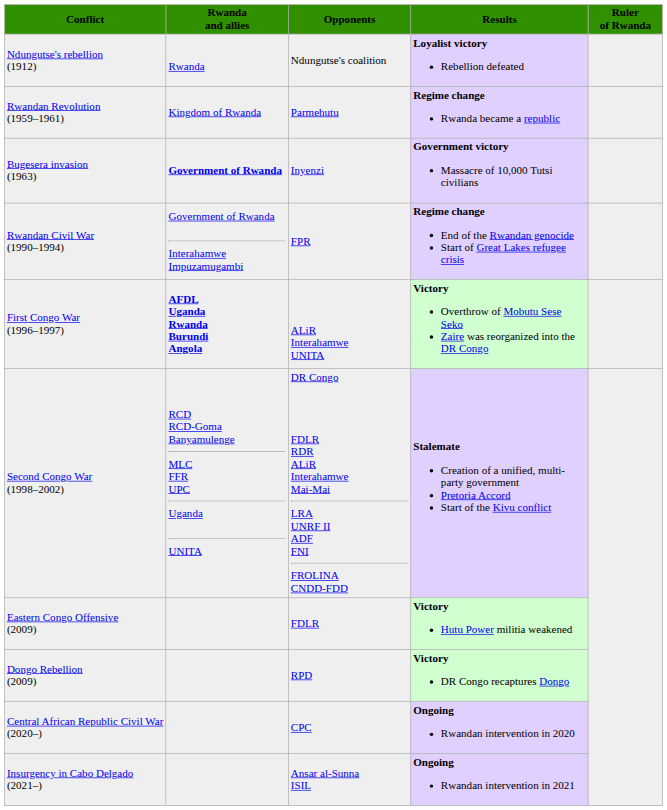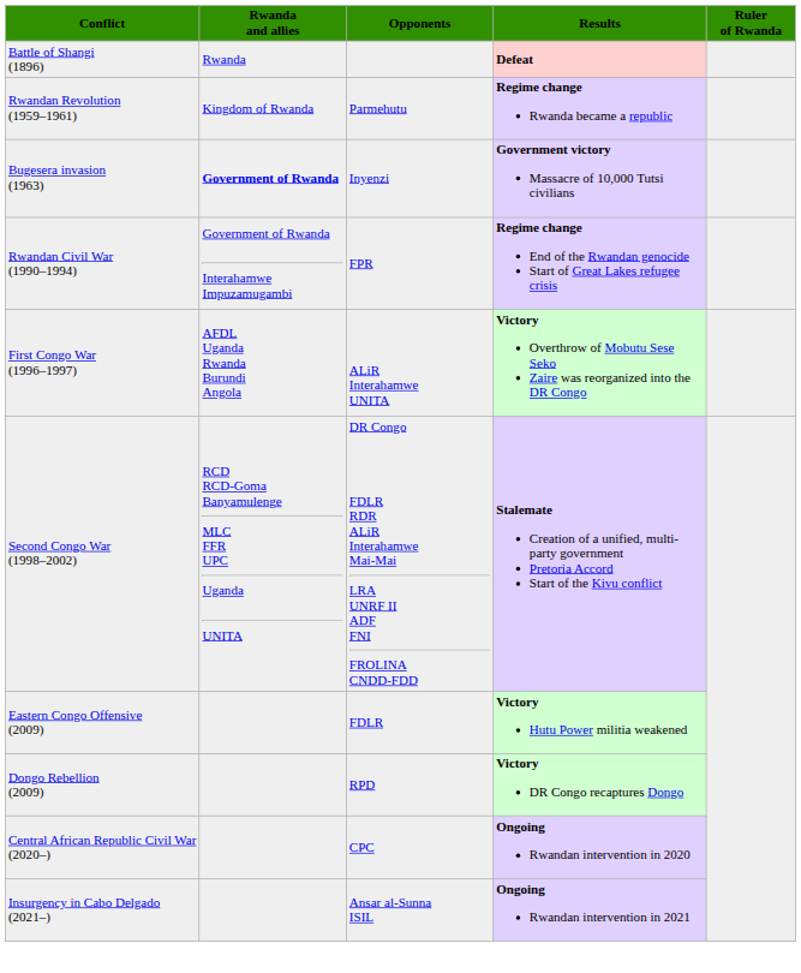 <table class="wikitable">
 <tr>
 <th style="background:#319000" rowspan="1" width=><span>Conflict</span></th>
 <th style="background:#319000" rowspan="1" width=170px><span>Rwanda<br> and allies</span></th>
 <th style="background:#319000" rowspan="1" width=170px><span>Opponents</span></th>
 <th style="background:#319000" rowspan="1" width=250px><span>Results</span></th>
 <th style="background:#319000" rowspan="1" width=100px><span>Ruler <br> of Rwanda</span></th>
 </tr>
 <tr>
-<td style="background:#efefef"><a href='#'>Ndungutse's rebellion</a><br>(1912)</td>
-<td style="background:#efefef"><br><a href='#'>Rwanda</a></td>
-<td style="background:#efefef">Ndungutse's coalition</td>
-<td style="background:#E0D0FF"><strong>Loyalist victory</strong><br><ul><li>Rebellion defeated</li></ul></td>
+<td style="background:#efefef"><a href='#'>Battle of Shangi</a><br>(1896)</td>
+<td style="background:#efefef"><a href='#'>Rwanda</a></td>
+<td style="background:#efefef"></td>
+<td style="background:#FFD0D0"><strong>Defeat</strong></td>
 <td style="background:#efefef"></td>
 </tr>
 <tr>
 <td style="background:#efefef"><a href='#'>Rwandan Revolution</a><br>(1959–1961)</td>
 <td style="background:#efefef"> <a href='#'>Kingdom of Rwanda</a></td>
 <td style="background:#efefef">  <a href='#'>Parmehutu</a></td>
 <td style="background:#E0D0FF"><strong>Regime change</strong><br><ul><li>Rwanda became a <a href='#'>republic</a></li></ul></td>
 <td style="background:#efefef"></td>
 </tr>
 <tr>
 <td style="background:#efefef"><a href='#'>Bugesera invasion</a><br>(1963)</td>
 <td style="background:#efefef"><strong> <a href='#'>Government of Rwanda</a><br></strong></td>
 <td style="background:#efefef"> <a href='#'>Inyenzi</a></td>
 <td style="background:#E0D0FF"><strong>Government victory</strong><br><ul><li>Massacre of 10,000 Tutsi civilians</li></ul></td>
 <td style="background:#efefef"></td>
 </tr>
 <tr>
 <td style="background:#efefef"><a href='#'>Rwandan Civil War</a><br>(1990–1994)</td>
 <td style="background:#efefef"> <a href='#'>Government of Rwanda</a><br><br><hr> <a href='#'>Interahamwe</a><br> <a href='#'>Impuzamugambi</a></td>
 <td style="background:#efefef"> <a href='#'>FPR</a></td>
 <td style="background:#E0D0FF"><strong>Regime change</strong><br><ul><li>End of the <a href='#'>Rwandan genocide</a></li><li>Start of <a href='#'>Great Lakes refugee crisis</a></li></ul></td>
 <td style="background:#efefef"></td>
 </tr>
 <tr>
 <td style="background:#efefef"><a href='#'>First Congo War</a><br>(1996–1997)</td>
-<td style="background:#efefef"><strong> <a href='#'>AFDL</a><br>  <a href='#'>Uganda</a><br>  <a href='#'>Rwanda</a><br> <a href='#'>Burundi</a> <br> <a href='#'>Angola</a><br></strong></td>
+<td style="background:#efefef"> <a href='#'>AFDL</a><br>  <a href='#'>Uganda</a><br>  <a href='#'>Rwanda</a><br> <a href='#'>Burundi</a> <br> <a href='#'>Angola</a><br></td>
 <td style="background:#efefef"><br><br><br> <a href='#'>ALiR</a><br> <a href='#'>Interahamwe</a><br> <a href='#'>UNITA</a></td>
 <td style="background:#D0FFD0"><strong>Victory</strong><br><ul><li>Overthrow of <a href='#'>Mobutu Sese Seko</a></li><li><a href='#'>Zaire</a> was reorganized into the <a href='#'>DR Congo</a></li></ul></td>
 <td style="background:#efefef"></td>
 </tr>
 <tr>
 <td style="background:#efefef"><a href='#'>Second Congo War</a><br>(1998–2002)</td>
 <td style="background:#efefef" width=170> <a href='#'>RCD</a><br> <a href='#'>RCD-Goma</a><br> <a href='#'>Banyamulenge</a><hr> <a href='#'>MLC</a><br> <a href='#'>FFR</a><br> <a href='#'>UPC</a><hr> <a href='#'>Uganda</a><br><br><hr> <a href='#'>UNITA</a></td>
 <td style="background:#efefef" width=170> <a href='#'>DR Congo</a> <br><br><br><br><br> <a href='#'>FDLR</a><br> <a href='#'>RDR</a><br> <a href='#'>ALiR</a><br> <a href='#'>Interahamwe</a><br> <a href='#'>Mai-Mai</a> <hr> <a href='#'>LRA</a><br> <a href='#'>UNRF II</a><br> <a href='#'>ADF</a><br> <a href='#'>FNI</a><hr> <a href='#'>FROLINA</a><br> <a href='#'>CNDD-FDD</a></td>
 <td style="background:#E0D0FF"><strong>Stalemate</strong><br><ul><li>Creation of a unified, multi-party government</li><li><a href='#'>Pretoria Accord</a></li><li>Start of the <a href='#'>Kivu conflict</a></li></ul></td>
 <td style="background:#efefef" rowspan=6></td>
 </tr>
 <tr>
 <td style="background:#efefef"><a href='#'>Eastern Congo Offensive</a><br>(2009)</td>
 <td style="background:#efefef"><br></td>
 <td style="background:#efefef"> <a href='#'>FDLR</a></td>
 <td style="background:#D0FFD0"><strong>Victory</strong><br><ul><li><a href='#'>Hutu Power</a> militia weakened</li></ul></td>
 </tr>
 <tr>
 <td style="background:#efefef"><a href='#'>Dongo Rebellion</a><br>(2009)</td>
 <td style="background:#efefef"><br></td>
 <td style="background:#efefef"> <a href='#'>RPD</a></td>
 <td style="background:#D0FFD0"><strong>Victory</strong><br><ul><li>DR Congo recaptures <a href='#'>Dongo</a></li></ul></td>
 </tr>
 <tr>
 <td style="background:#efefef"><a href='#'>Central African Republic Civil War</a><br>(2020–)</td>
 <td style="background:#efefef"><br><br></td>
 <td style="background:#efefef"> <a href='#'>CPC</a></td>
 <td style="background:#E0D0FF"><strong>Ongoing</strong><br><ul><li>Rwandan intervention in 2020</li></ul></td>
 </tr>
 <tr>
 <td style="background:#efefef"><a href='#'>Insurgency in Cabo Delgado</a><br>(2021–)</td>
 <td style="background:#efefef"><br><br><br></td>
 <td style="background:#efefef"> <a href='#'>Ansar al-Sunna</a><br> <a href='#'>ISIL</a></td>
 <td style="background:#E0D0FF"><strong>Ongoing</strong><br><ul><li>Rwandan intervention in 2021</li></ul></td>
 </tr>
 </table>
